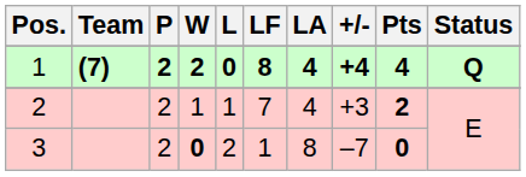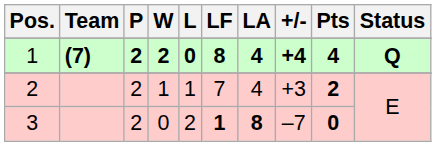 <table class="wikitable" style="text-align:center; margin: 1em auto 1em auto, align:left">
 <tr>
 <th>Pos.</th>
 <th>Team</th>
 <th>P</th>
 <th>W</th>
 <th>L</th>
 <th>LF</th>
 <th>LA</th>
 <th>+/-</th>
 <th>Pts</th>
 <th>Status</th>
 </tr>
 <tr>
 </tr>
 <tr style="background-color:#ccffcc">
 <td>1</td>
 <td style="text-align:left;"><strong> (7)</strong></td>
 <td><strong>2</strong></td>
 <td><strong>2</strong></td>
 <td><strong>0</strong></td>
 <td><strong>8</strong></td>
 <td><strong>4</strong></td>
 <td><strong>+4</strong></td>
 <td><strong>4</strong></td>
 <td><strong>Q</strong></td>
 </tr>
 <tr>
 </tr>
 <tr style="background-color:#FFCCCC">
 <td>2</td>
 <td style="text-align:left;"></td>
 <td>2</td>
 <td>1</td>
 <td>1</td>
 <td>7</td>
 <td>4</td>
 <td>+3</td>
 <td><strong>2</strong></td>
 <td rowspan=2>E</td>
 </tr>
 <tr style="background-color:#FFCCCC">
 <td>3</td>
 <td style="text-align:left;"></td>
 <td>2</td>
-<td><strong>0</strong></td>
+<td>0</td>
 <td>2</td>
-<td>1</td>
-<td>8</td>
+<td><strong>1</strong></td>
+<td><strong>8</strong></td>
 <td>–7</td>
 <td><strong>0</strong></td>
 </tr>
 </table>
